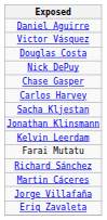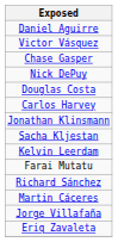 <table class="wikitable" style="text-align:center">
 <tr>
 <th>Exposed</th>
 </tr>
 <tr>
 <td><a href='#'>Daniel Aguirre</a></td>
 </tr>
 <tr>
 <td><a href='#'>Victor Vásquez</a></td>
 </tr>
 <tr>
-<td><a href='#'>Douglas Costa</a></td>
+<td><a href='#'>Chase Gasper</a></td>
 </tr>
 <tr>
 <td><a href='#'>Nick DePuy</a></td>
 </tr>
 <tr>
-<td><a href='#'>Chase Gasper</a></td>
+<td><a href='#'>Douglas Costa</a></td>
 </tr>
 <tr>
 <td><a href='#'>Carlos Harvey</a></td>
 </tr>
 <tr>
-<td><a href='#'>Sacha Kljestan</a></td>
+<td><a href='#'>Jonathan Klinsmann</a></td>
 </tr>
 <tr>
-<td><a href='#'>Jonathan Klinsmann</a></td>
+<td><a href='#'>Sacha Kljestan</a></td>
 </tr>
 <tr>
 <td><a href='#'>Kelvin Leerdam</a></td>
 </tr>
 <tr>
 <td>Farai Mutatu</td>
 </tr>
 <tr>
 <td><a href='#'>Richard Sánchez</a></td>
 </tr>
 <tr>
 <td><a href='#'>Martin Cáceres</a></td>
 </tr>
 <tr>
 <td><a href='#'>Jorge Villafaña</a></td>
 </tr>
 <tr>
 <td><a href='#'>Eriq Zavaleta</a></td>
 </tr>
 <tr>
 </tr>
 </table>
